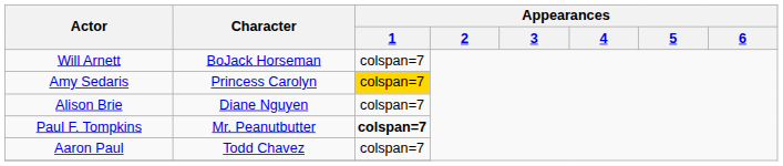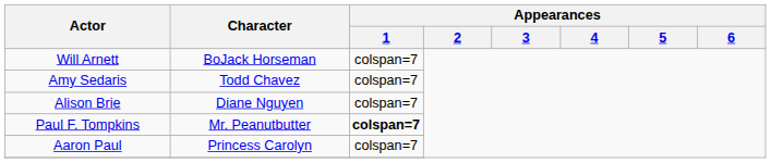 <table class="wikitable" style="text-align:center;" width="100%">
 <tr>
 <th rowspan="2" scope="col">Actor</th>
 <th rowspan="2" scope="col">Character</th>
 <th colspan="7" scope="col" width="54%">Appearances</th>
 </tr>
 <tr>
 <th scope="col" width="9%"><a href='#'>1</a></th>
 <th scope="col" width="9%"><a href='#'>2</a></th>
 <th scope="col" width="9%"><a href='#'>3</a></th>
 <th scope="col" width="9%"><a href='#'>4</a></th>
 <th scope="col" width="9%"><a href='#'>5</a></th>
 <th scope="col" width="9%"><a href='#'>6</a></th>
 </tr>
 <tr>
 <td><a href='#'>Will Arnett</a></td>
 <td><a href='#'>BoJack Horseman</a></td>
 <td>colspan=7 </td>
 </tr>
 <tr>
 <td><a href='#'>Amy Sedaris</a></td>
-<td><a href='#'>Princess Carolyn</a></td>
-<td style="background: gold;">colspan=7 </td>
+<td><a href='#'>Todd Chavez</a></td>
+<td>colspan=7 </td>
 </tr>
 <tr>
 <td><a href='#'>Alison Brie</a></td>
 <td><a href='#'>Diane Nguyen</a></td>
 <td>colspan=7 </td>
 </tr>
 <tr>
 <td><a href='#'>Paul F. Tompkins</a></td>
 <td><a href='#'>Mr. Peanutbutter</a></td>
 <td><strong>colspan=7 </strong></td>
 </tr>
 <tr>
 <td><a href='#'>Aaron Paul</a></td>
-<td><a href='#'>Todd Chavez</a></td>
+<td><a href='#'>Princess Carolyn</a></td>
 <td>colspan=7 </td>
 </tr>
 <tr>
 </tr>
 </table>
